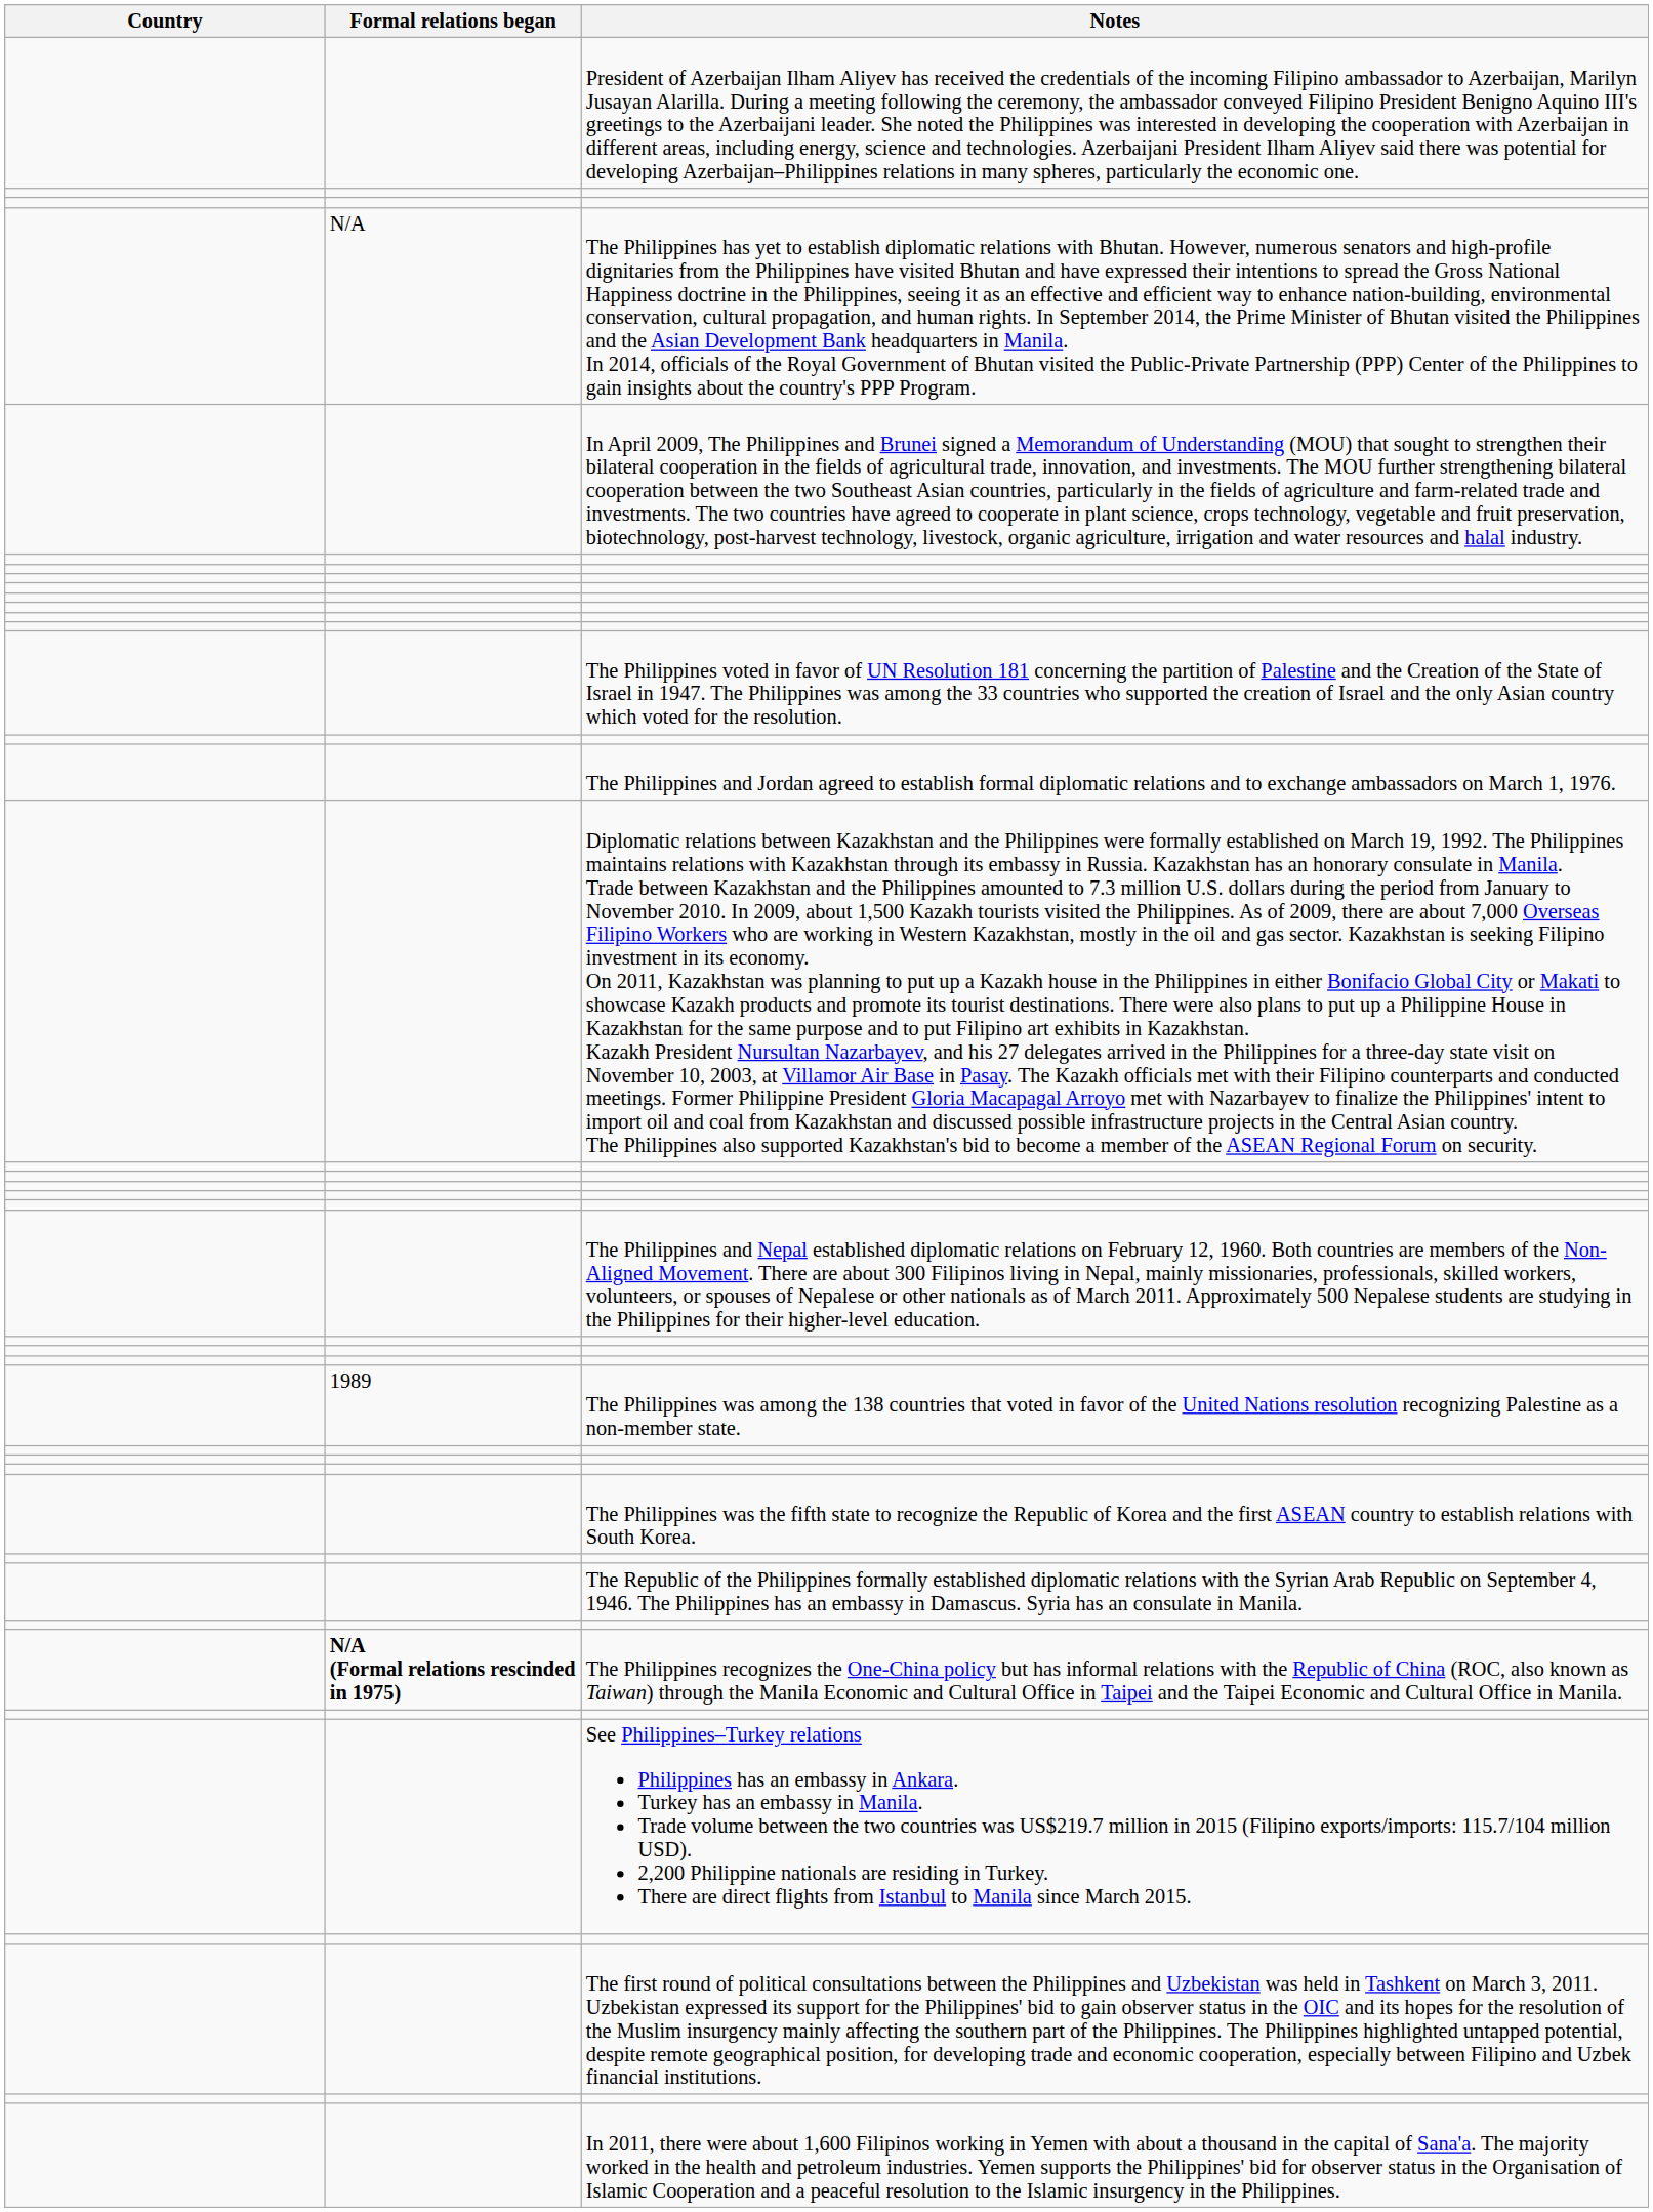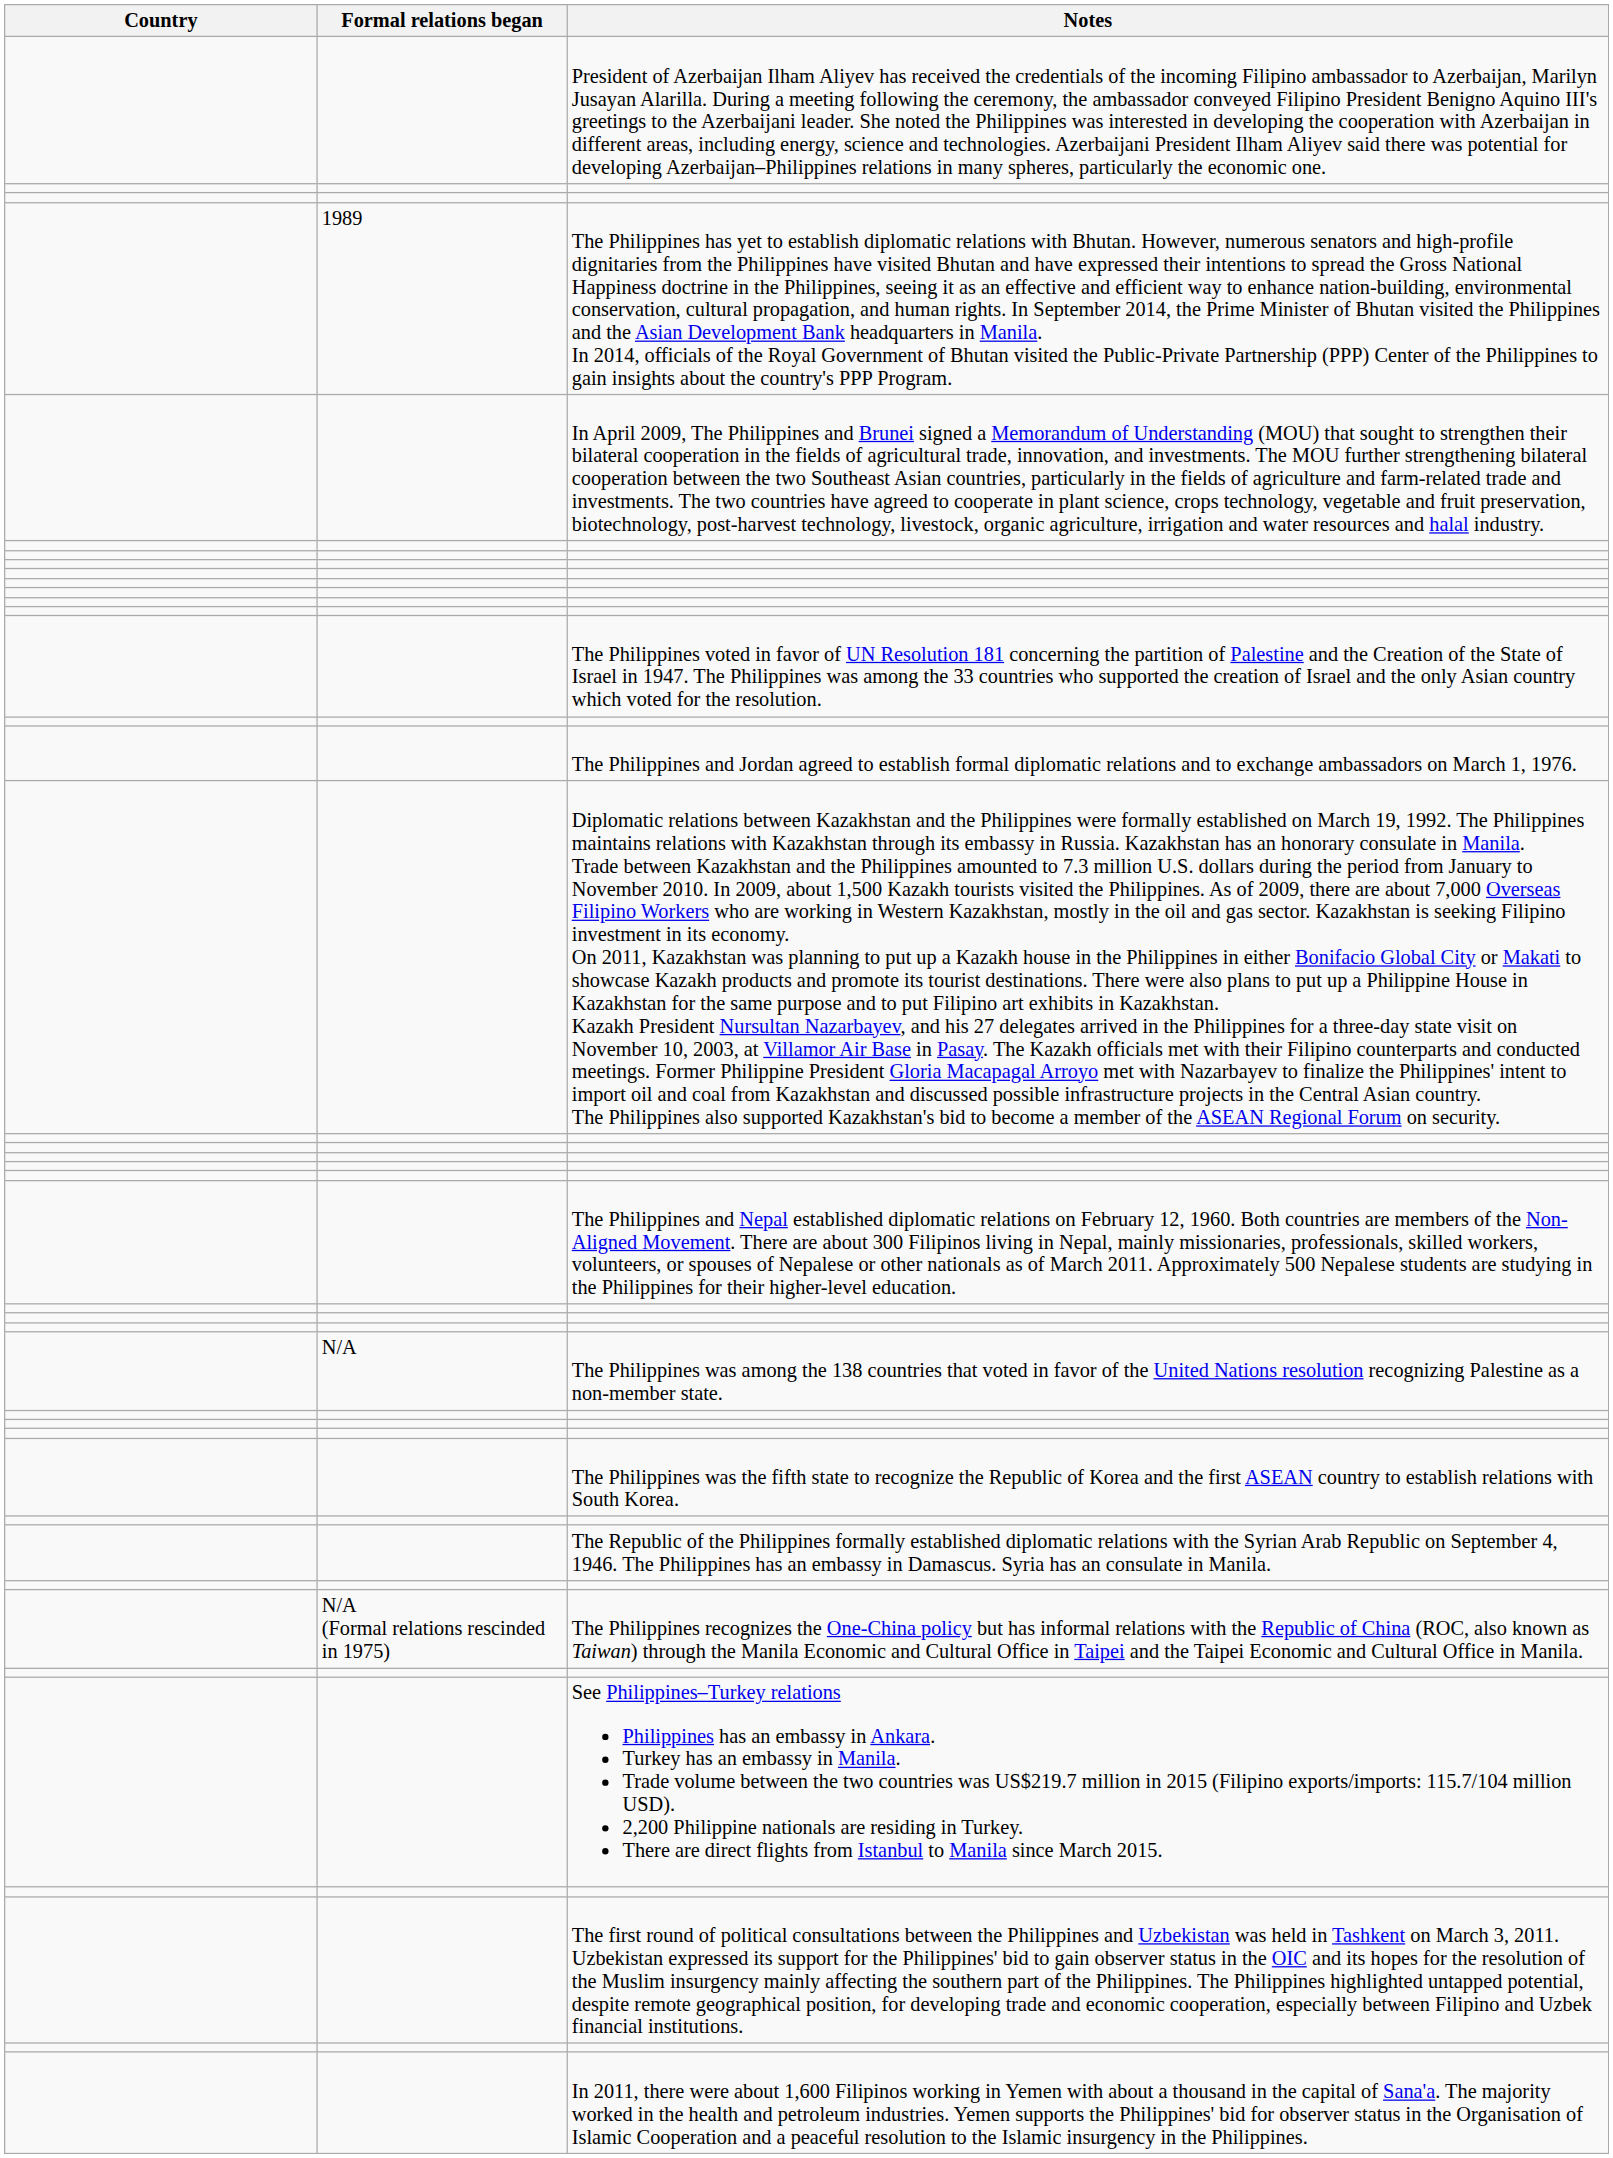 <table class="wikitable sortable" style="width:100%; margin:auto;">
 <tr>
 <th style="width:15%;">Country</th>
 <th style="width:12%;">Formal relations began</th>
 <th class="unsortable" style="width:50%;">Notes</th>
 </tr>
 <tr valign="top">
 <td></td>
 <td></td>
 <td><br>President of Azerbaijan Ilham Aliyev has received the credentials of the incoming Filipino ambassador to Azerbaijan, Marilyn Jusayan Alarilla. During a meeting following the ceremony, the ambassador conveyed Filipino President Benigno Aquino III's greetings to the Azerbaijani leader. She noted the Philippines was interested in developing the cooperation with Azerbaijan in different areas, including energy, science and technologies. Azerbaijani President Ilham Aliyev said there was potential for developing Azerbaijan–Philippines relations in many spheres, particularly the economic one.</td>
 </tr>
 <tr valign="top">
 <td></td>
 <td></td>
 <td></td>
 </tr>
 <tr valign="top">
 <td></td>
 <td></td>
 <td></td>
 </tr>
 <tr valign="top">
 <td></td>
-<td>N/A</td>
+<td>1989</td>
 <td><br>The Philippines has yet to establish diplomatic relations with Bhutan. However, numerous senators and high-profile dignitaries from the Philippines have visited Bhutan and have expressed their intentions to spread the Gross National Happiness doctrine in the Philippines, seeing it as an effective and efficient way to enhance nation-building, environmental conservation, cultural propagation, and human rights. In September 2014, the Prime Minister of Bhutan visited the Philippines and the <a href='#'>Asian Development Bank</a> headquarters in <a href='#'>Manila</a>.<br>In 2014, officials of the Royal Government of Bhutan visited the Public-Private Partnership (PPP) Center of the Philippines to gain insights about the country's PPP Program.</td>
 </tr>
 <tr valign="top">
 <td></td>
 <td></td>
 <td><br>In April 2009, The Philippines and <a href='#'>Brunei</a> signed a <a href='#'>Memorandum of Understanding</a> (MOU) that sought to strengthen their bilateral cooperation in the fields of agricultural trade, innovation, and investments. The MOU further strengthening bilateral cooperation between the two Southeast Asian countries, particularly in the fields of agriculture and farm-related trade and investments. The two countries have agreed to cooperate in plant science, crops technology, vegetable and fruit preservation, biotechnology, post-harvest technology, livestock, organic agriculture, irrigation and water resources and <a href='#'>halal</a> industry.</td>
 </tr>
 <tr valign="top">
 <td></td>
 <td></td>
 <td></td>
 </tr>
 <tr valign="top">
 <td></td>
 <td></td>
 <td></td>
 </tr>
 <tr valign="top">
 <td></td>
 <td></td>
 <td> </td>
 </tr>
 <tr valign="top">
 <td></td>
 <td></td>
 <td></td>
 </tr>
 <tr valign="top">
 <td></td>
 <td></td>
 <td></td>
 </tr>
 <tr valign="top">
 <td></td>
 <td></td>
 <td></td>
 </tr>
 <tr valign="top">
 <td></td>
 <td></td>
 <td></td>
 </tr>
 <tr valign="top">
 <td></td>
 <td></td>
 <td></td>
 </tr>
 <tr valign="top">
 <td></td>
 <td></td>
 <td><br> The Philippines voted in favor of <a href='#'>UN Resolution 181</a> concerning the partition of <a href='#'>Palestine</a> and the Creation of the State of Israel in 1947. The Philippines was among the 33 countries who supported the creation of Israel and the only Asian country which voted for the resolution.</td>
 </tr>
 <tr valign="top">
 <td></td>
 <td></td>
 <td></td>
 </tr>
 <tr valign="top">
 <td></td>
 <td></td>
 <td><br>The Philippines and Jordan agreed to establish formal diplomatic relations and to exchange ambassadors on March 1, 1976.</td>
 </tr>
 <tr valign="top">
 <td></td>
 <td></td>
 <td><br>Diplomatic relations between Kazakhstan and the Philippines were formally established on March 19, 1992. The Philippines maintains relations with Kazakhstan through its embassy in Russia. Kazakhstan has an honorary consulate in <a href='#'>Manila</a>.<br>Trade between Kazakhstan and the Philippines amounted to 7.3 million U.S. dollars during the period from January to November 2010. In 2009, about 1,500 Kazakh tourists visited the Philippines. As of 2009, there are about 7,000 <a href='#'>Overseas Filipino Workers</a> who are working in Western Kazakhstan, mostly in the oil and gas sector. Kazakhstan is seeking Filipino investment in its economy.<br>On 2011, Kazakhstan was planning to put up a Kazakh house in the Philippines in either <a href='#'>Bonifacio Global City</a> or <a href='#'>Makati</a> to showcase Kazakh products and promote its tourist destinations. There were also plans to put up a Philippine House in Kazakhstan for the same purpose and to put Filipino art exhibits in Kazakhstan.<br>Kazakh President <a href='#'>Nursultan Nazarbayev</a>, and his 27 delegates arrived in the Philippines for a three-day state visit on November 10, 2003, at <a href='#'>Villamor Air Base</a> in <a href='#'>Pasay</a>. The Kazakh officials met with their Filipino counterparts and conducted meetings. Former Philippine President <a href='#'>Gloria Macapagal Arroyo</a> met with Nazarbayev to finalize the Philippines' intent to import oil and coal from Kazakhstan and discussed possible infrastructure projects in the Central Asian country.<br>The Philippines also supported Kazakhstan's bid to become a member of the <a href='#'>ASEAN Regional Forum</a> on security.</td>
 </tr>
 <tr valign="top">
 <td></td>
 <td></td>
 <td></td>
 </tr>
 <tr valign="top">
 <td></td>
 <td></td>
 <td></td>
 </tr>
 <tr valign="top">
 <td></td>
 <td></td>
 <td></td>
 </tr>
 <tr valign="top">
 <td></td>
 <td></td>
 <td></td>
 </tr>
 <tr valign="top">
 <td></td>
 <td></td>
 <td></td>
 </tr>
 <tr valign="top">
 <td></td>
 <td></td>
 <td><br>The Philippines and <a href='#'>Nepal</a> established diplomatic relations on February 12, 1960. Both countries are members of the <a href='#'>Non-Aligned Movement</a>. There are about 300 Filipinos living in Nepal, mainly missionaries, professionals, skilled workers, volunteers, or spouses of Nepalese or other nationals as of March 2011. Approximately 500 Nepalese students are studying in the Philippines for their higher-level education.</td>
 </tr>
 <tr valign="top">
 <td></td>
 <td></td>
 <td></td>
 </tr>
 <tr valign="top">
 <td></td>
 <td></td>
 <td></td>
 </tr>
 <tr valign="top">
 <td></td>
 <td></td>
 <td></td>
 </tr>
 <tr valign="top">
 <td></td>
-<td>1989</td>
+<td>N/A</td>
 <td><br>The Philippines was among the 138 countries that voted in favor of the <a href='#'>United Nations resolution</a> recognizing Palestine as a non-member state.</td>
 </tr>
 <tr valign="top">
 <td></td>
 <td></td>
 <td></td>
 </tr>
 <tr valign="top">
 <td></td>
 <td></td>
 <td></td>
 </tr>
 <tr valign="top">
 <td></td>
 <td></td>
 <td></td>
 </tr>
 <tr valign="top">
 <td></td>
 <td></td>
 <td><br>The Philippines was the fifth state to recognize the Republic of Korea and the first <a href='#'>ASEAN</a> country to establish relations with South Korea.</td>
 </tr>
 <tr valign="top">
 <td></td>
 <td></td>
 <td></td>
 </tr>
 <tr valign="top">
 <td></td>
 <td></td>
 <td>The Republic of the Philippines formally established diplomatic relations with the Syrian Arab Republic on September 4, 1946. The Philippines has an embassy in Damascus. Syria has an consulate in Manila.</td>
 </tr>
 <tr valign="top">
 <td></td>
 <td></td>
 <td></td>
 </tr>
 <tr valign="top">
 <td></td>
-<td><strong>N/A <br>(Formal relations rescinded in 1975)</strong></td>
+<td>N/A <br>(Formal relations rescinded in 1975)</td>
 <td><br>The Philippines recognizes the <a href='#'>One-China policy</a> but has informal relations with the <a href='#'>Republic of China</a> (ROC, also known as <em>Taiwan</em>) through the Manila Economic and Cultural Office in <a href='#'>Taipei</a> and the Taipei Economic and Cultural Office in Manila.</td>
 </tr>
 <tr valign="top">
 <td></td>
 <td></td>
 <td></td>
 </tr>
 <tr valign="top">
 <td></td>
 <td></td>
 <td>See <a href='#'>Philippines–Turkey relations</a><br><ul><li><a href='#'>Philippines</a> has an embassy in <a href='#'>Ankara</a>.</li><li>Turkey has an embassy in <a href='#'>Manila</a>.</li><li>Trade volume between the two countries was US$219.7 million in 2015 (Filipino exports/imports: 115.7/104 million USD).</li><li>2,200 Philippine nationals are residing in Turkey.</li><li>There are direct flights from <a href='#'>Istanbul</a> to <a href='#'>Manila</a> since March 2015.</li></ul></td>
 </tr>
 <tr valign="top">
 <td></td>
 <td></td>
 <td></td>
 </tr>
 <tr valign="top">
 <td></td>
 <td></td>
 <td><br>The first round of political consultations between the Philippines and <a href='#'>Uzbekistan</a> was held in <a href='#'>Tashkent</a> on March 3, 2011. Uzbekistan expressed its support for the Philippines' bid to gain observer status in the <a href='#'>OIC</a> and its hopes for the resolution of the Muslim insurgency mainly affecting the southern part of the Philippines. The Philippines highlighted untapped potential, despite remote geographical position, for developing trade and economic cooperation, especially between Filipino and Uzbek financial institutions.</td>
 </tr>
 <tr valign="top">
 <td></td>
 <td></td>
 <td></td>
 </tr>
 <tr valign="top">
 <td></td>
 <td></td>
 <td><br>In 2011, there were about 1,600 Filipinos working in Yemen with about a thousand in the capital of <a href='#'>Sana'a</a>. The majority worked in the health and petroleum industries. Yemen supports the Philippines' bid for observer status in the Organisation of Islamic Cooperation and a peaceful resolution to the Islamic insurgency in the Philippines.</td>
 </tr>
 </table>
